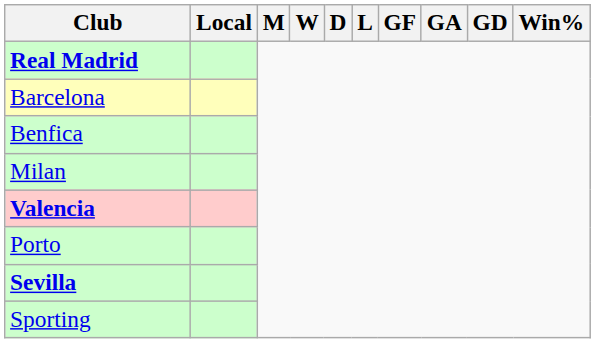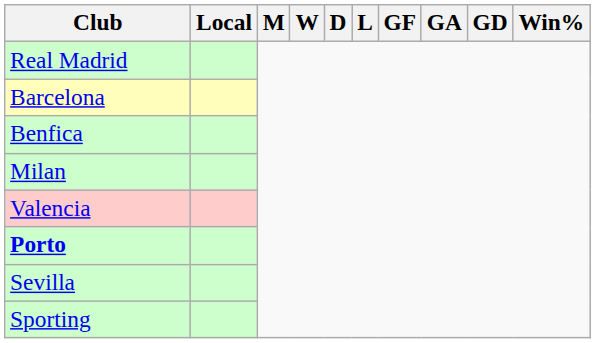 <table class="wikitable plainrowheaders sortable">
 <tr>
 <th width=120px scope="col">Club</th>
 <th scope="col">Local</th>
 <th scope="col">M</th>
 <th scope="col">W</th>
 <th scope="col">D</th>
 <th scope="col">L</th>
 <th scope="col">GF</th>
 <th scope="col">GA</th>
 <th scope="col">GD</th>
 <th scope="col">Win%</th>
 </tr>
 <tr style="background-color:#cfc">
-<td scope="row"><strong><a href='#'>Real Madrid</a></strong></td>
+<td scope="row"><a href='#'>Real Madrid</a></td>
 <td align=center><br></td>
 </tr>
 <tr style="background-color:#ffffbb">
 <td scope="row"><a href='#'>Barcelona</a></td>
 <td align=center><br></td>
 </tr>
 <tr style="background-color:#cfc">
 <td scope="row"><a href='#'>Benfica</a></td>
 <td align=center><br></td>
 </tr>
 <tr style="background-color:#cfc">
 <td scope="row"><a href='#'>Milan</a></td>
 <td align=center><br></td>
 </tr>
 <tr style="background-color:#fcc">
-<td scope="row"><strong><a href='#'>Valencia</a></strong></td>
+<td scope="row"><a href='#'>Valencia</a></td>
 <td align=center><br></td>
 </tr>
 <tr style="background-color:#cfc">
-<td scope="row"><a href='#'>Porto</a></td>
+<td scope="row"><strong><a href='#'>Porto</a></strong></td>
 <td align=center><br></td>
 </tr>
 <tr style="background-color:#cfc">
-<td scope="row"><strong><a href='#'>Sevilla</a></strong></td>
+<td scope="row"><a href='#'>Sevilla</a></td>
 <td align=center><br></td>
 </tr>
 <tr style="background-color:#cfc">
 <td scope="row"><a href='#'>Sporting</a></td>
 <td align=center><br></td>
 </tr>
 </table>
